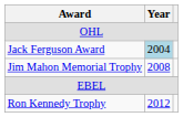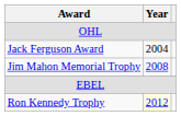 <table class="wikitable">
 <tr>
 <th>Award</th>
 <th>Year</th>
 <th></th>
 </tr>
 <tr ALIGN="center" bgcolor="#e0e0e0">
 <td colspan="3"><a href='#'>OHL</a></td>
 </tr>
 <tr>
 <td><a href='#'>Jack Ferguson Award</a></td>
-<td style="background: lightblue;">2004</td>
+<td>2004</td>
 <td></td>
 </tr>
 <tr>
 <td><a href='#'>Jim Mahon Memorial Trophy</a></td>
 <td><a href='#'>2008</a></td>
 <td></td>
 </tr>
 <tr ALIGN="center" bgcolor="#e0e0e0">
 <td colspan="3"><a href='#'>EBEL</a></td>
 </tr>
 <tr>
 <td><a href='#'>Ron Kennedy Trophy</a></td>
-<td><a href='#'>2012</a></td>
+<td style="background: lightyellow;"><a href='#'>2012</a></td>
 <td></td>
 </tr>
 </table>
